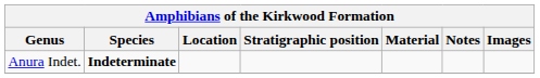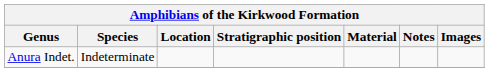 <table class="wikitable" align="center">
 <tr>
 <th colspan="7" align="center"><a href='#'>Amphibians</a> of the Kirkwood Formation</th>
 </tr>
 <tr>
 <th>Genus</th>
 <th>Species</th>
 <th>Location</th>
 <th>Stratigraphic position</th>
 <th>Material</th>
 <th>Notes</th>
 <th>Images</th>
 </tr>
 <tr>
 <td><a href='#'>Anura</a> Indet.</td>
-<td><strong>Indeterminate</strong></td>
+<td>Indeterminate</td>
 <td></td>
 <td></td>
 <td></td>
 <td></td>
 <td></td>
 </tr>
 <tr>
 </tr>
 </table>
